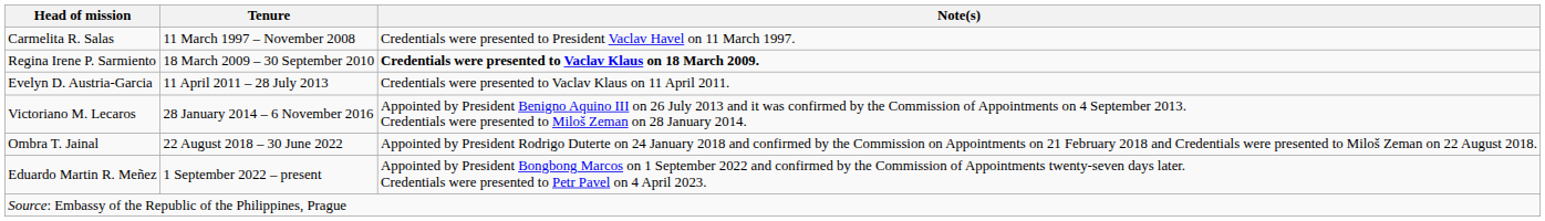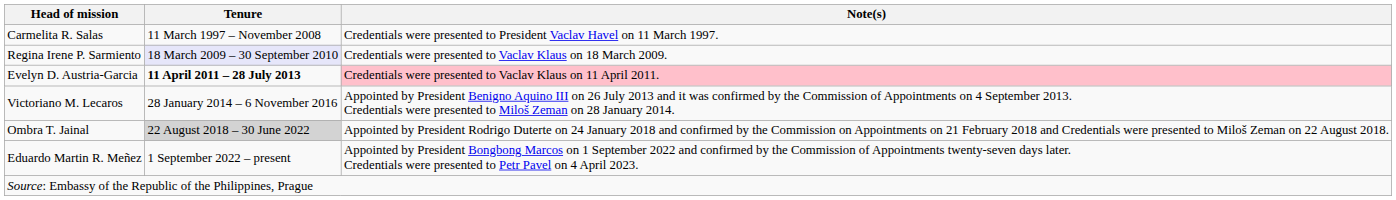 <table class=wikitable>
 <tr>
 <th>Head of mission</th>
 <th>Tenure</th>
 <th>Note(s)</th>
 </tr>
 <tr>
 <td>Carmelita R. Salas</td>
 <td>11 March 1997 – November 2008</td>
 <td>Credentials were presented to President <a href='#'>Vaclav Havel</a> on 11 March 1997.</td>
 </tr>
 <tr>
 <td>Regina Irene P. Sarmiento</td>
-<td>18 March 2009 – 30 September 2010</td>
-<td><strong>Credentials were presented to <a href='#'>Vaclav Klaus</a> on 18 March 2009.</strong></td>
+<td style="background: lavender;">18 March 2009 – 30 September 2010</td>
+<td>Credentials were presented to <a href='#'>Vaclav Klaus</a> on 18 March 2009.</td>
 </tr>
 <tr>
 <td>Evelyn D. Austria-Garcia</td>
-<td>11 April 2011 – 28 July 2013</td>
-<td>Credentials were presented to Vaclav Klaus on 11 April 2011.</td>
+<td><strong>11 April 2011 – 28 July 2013</strong></td>
+<td style="background: pink;">Credentials were presented to Vaclav Klaus on 11 April 2011.</td>
 </tr>
 <tr>
 <td>Victoriano M. Lecaros</td>
 <td>28 January 2014 – 6 November 2016</td>
 <td>Appointed by President <a href='#'>Benigno Aquino III</a> on 26 July 2013 and it was confirmed by the Commission of Appointments on 4 September 2013.<br> Credentials were presented to <a href='#'>Miloš Zeman</a> on 28 January 2014.</td>
 </tr>
 <tr>
 <td>Ombra T. Jainal</td>
-<td>22 August 2018 – 30 June 2022</td>
+<td style="background: lightgrey;">22 August 2018 – 30 June 2022</td>
 <td>Appointed by President Rodrigo Duterte on 24 January 2018 and confirmed by the Commission on Appointments on 21 February 2018 and Credentials were presented to Miloš Zeman on 22 August 2018. </td>
 </tr>
 <tr>
 <td>Eduardo Martin R. Meñez</td>
 <td>1 September 2022 – present</td>
 <td>Appointed by President <a href='#'>Bongbong Marcos</a> on 1 September 2022 and confirmed by the Commission of Appointments twenty-seven days later.<br> Credentials were presented to <a href='#'>Petr Pavel</a> on 4 April 2023.</td>
 </tr>
 <tr>
 <td colspan=5><em>Source</em>: Embassy of the Republic of the Philippines, Prague</td>
 </tr>
 </table>
